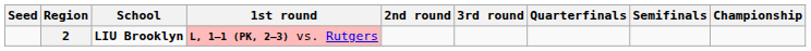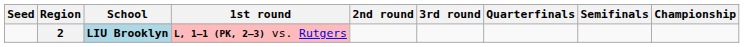 <table class="sortable wikitable" style="white-space:nowrap; font-size:90%;">
 <tr>
 <th>Seed</th>
 <th>Region</th>
 <th>School</th>
 <th>1st round</th>
 <th>2nd round</th>
 <th>3rd round</th>
 <th>Quarterfinals</th>
 <th>Semifinals</th>
 <th>Championship</th>
 </tr>
 <tr>
 <td></td>
 <th>2</th>
-<td><strong>LIU Brooklyn</strong></td>
+<td style="background: lightblue;"><strong>LIU Brooklyn</strong></td>
 <td style="background:#fbb;"><small><strong>L, 1–1 (PK, 2–3)</strong></small> vs. <a href='#'>Rutgers</a></td>
 <td></td>
 <td></td>
 <td></td>
 <td></td>
 </tr>
 </table>
